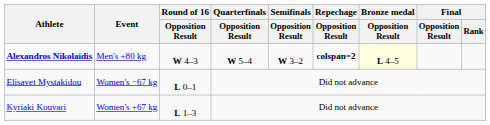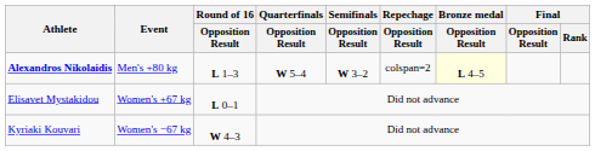 <table class="wikitable" style="font-size:90%">
 <tr>
 <th rowspan="2">Athlete</th>
 <th rowspan="2">Event</th>
 <th>Round of 16</th>
 <th>Quarterfinals</th>
 <th>Semifinals</th>
 <th>Repechage</th>
 <th>Bronze medal</th>
 <th colspan="2">Final</th>
 </tr>
 <tr style="font-size:95%">
 <th>Opposition<br>Result</th>
 <th>Opposition<br>Result</th>
 <th>Opposition<br>Result</th>
 <th>Opposition<br>Result</th>
 <th>Opposition<br>Result</th>
 <th>Opposition<br>Result</th>
 <th>Rank</th>
 </tr>
 <tr align=center>
 <td align=left><strong><a href='#'>Alexandros Nikolaidis</a></strong></td>
 <td align=left><a href='#'>Men's +80 kg</a></td>
-<td><br><strong>W</strong> 4–3</td>
+<td><br><strong>L</strong> 1–3</td>
 <td><br><strong>W</strong> 5–4</td>
 <td><br><strong>W</strong> 3–2</td>
-<td><strong>colspan=2 </strong></td>
+<td>colspan=2 </td>
 <td style="background: lightyellow;"><br><strong>L</strong> 4–5</td>
 <td></td>
 </tr>
 <tr align=center>
 <td align=left><a href='#'>Elisavet Mystakidou</a></td>
-<td align=left><a href='#'>Women's −67 kg</a></td>
+<td align=left><a href='#'>Women's +67 kg</a></td>
 <td><br><strong>L</strong> 0–1</td>
 <td colspan=6>Did not advance</td>
 </tr>
 <tr align=center>
 <td align=left><a href='#'>Kyriaki Kouvari</a></td>
-<td align=left><a href='#'>Women's +67 kg</a></td>
-<td><br><strong>L</strong> 1–3</td>
+<td align=left><a href='#'>Women's −67 kg</a></td>
+<td><br><strong>W</strong> 4–3</td>
 <td colspan=6>Did not advance</td>
 </tr>
 </table>
